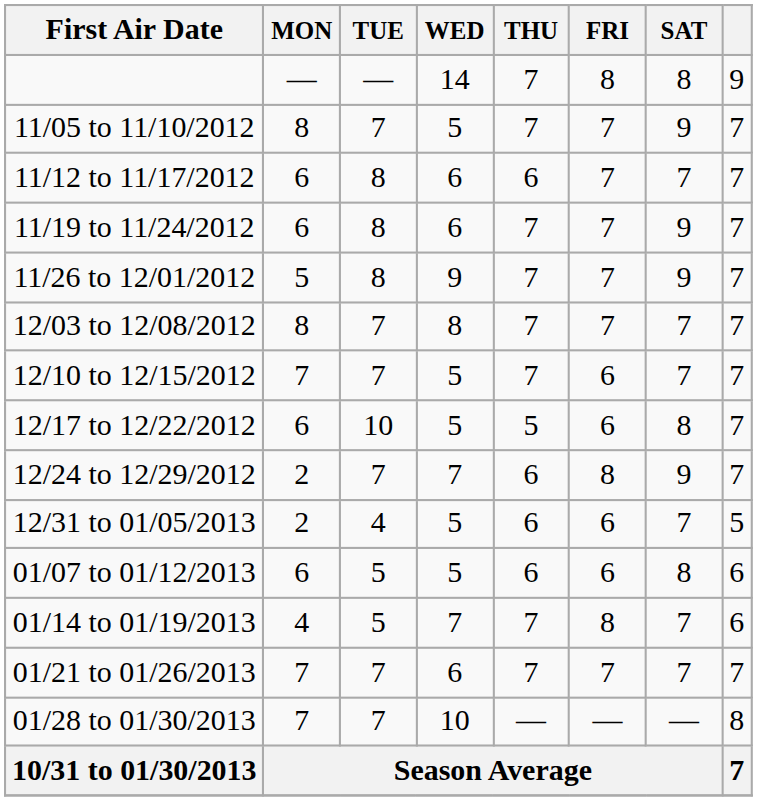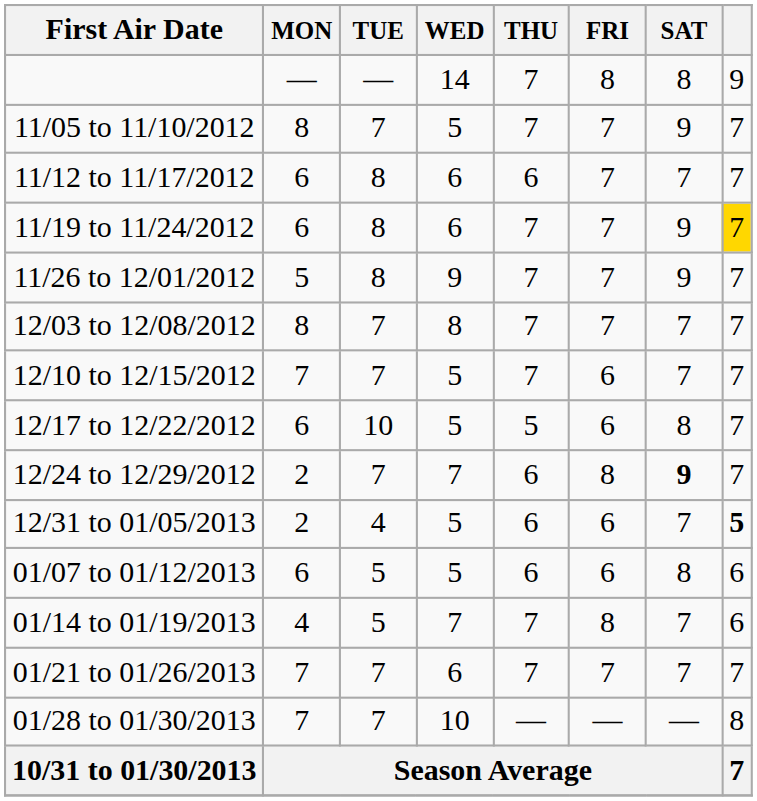 <table class="wikitable" style="font-size:90%; text-align:center;">
 <tr>
 <th>First Air Date</th>
 <th width=30><small>MON</small></th>
 <th width=30><small>TUE</small></th>
 <th width=30><small>WED</small></th>
 <th width=30><small>THU</small></th>
 <th width=30><small>FRI</small></th>
 <th width=30><small>SAT</small></th>
 <th></th>
 </tr>
 <tr>
 <td></td>
 <td>—</td>
 <td>—</td>
 <td>14</td>
 <td>7</td>
 <td>8</td>
 <td>8</td>
 <td>9</td>
 </tr>
 <tr>
 <td>11/05 to 11/10/2012</td>
 <td>8</td>
 <td>7</td>
 <td>5</td>
 <td>7</td>
 <td>7</td>
 <td>9</td>
 <td>7</td>
 </tr>
 <tr>
 <td>11/12 to 11/17/2012</td>
 <td>6</td>
 <td>8</td>
 <td>6</td>
 <td>6</td>
 <td>7</td>
 <td>7</td>
 <td>7</td>
 </tr>
 <tr>
 <td>11/19 to 11/24/2012</td>
 <td>6</td>
 <td>8</td>
 <td>6</td>
 <td>7</td>
 <td>7</td>
 <td>9</td>
-<td>7</td>
+<td style="background: gold;">7</td>
 </tr>
 <tr>
 <td>11/26 to 12/01/2012</td>
 <td>5</td>
 <td>8</td>
 <td>9</td>
 <td>7</td>
 <td>7</td>
 <td>9</td>
 <td>7</td>
 </tr>
 <tr>
 <td>12/03 to 12/08/2012</td>
 <td>8</td>
 <td>7</td>
 <td>8</td>
 <td>7</td>
 <td>7</td>
 <td>7</td>
 <td>7</td>
 </tr>
 <tr>
 <td>12/10 to 12/15/2012</td>
 <td>7</td>
 <td>7</td>
 <td>5</td>
 <td>7</td>
 <td>6</td>
 <td>7</td>
 <td>7</td>
 </tr>
 <tr>
 <td>12/17 to 12/22/2012</td>
 <td>6</td>
 <td>10</td>
 <td>5</td>
 <td>5</td>
 <td>6</td>
 <td>8</td>
 <td>7</td>
 </tr>
 <tr>
 <td>12/24 to 12/29/2012</td>
 <td>2</td>
 <td>7</td>
 <td>7</td>
 <td>6</td>
 <td>8</td>
-<td>9</td>
+<td><strong>9</strong></td>
 <td>7</td>
 </tr>
 <tr>
 <td>12/31 to 01/05/2013</td>
 <td>2</td>
 <td>4</td>
 <td>5</td>
 <td>6</td>
 <td>6</td>
 <td>7</td>
-<td>5</td>
+<td><strong>5</strong></td>
 </tr>
 <tr>
 <td>01/07 to 01/12/2013</td>
 <td>6</td>
 <td>5</td>
 <td>5</td>
 <td>6</td>
 <td>6</td>
 <td>8</td>
 <td>6</td>
 </tr>
 <tr>
 <td>01/14 to 01/19/2013</td>
 <td>4</td>
 <td>5</td>
 <td>7</td>
 <td>7</td>
 <td>8</td>
 <td>7</td>
 <td>6</td>
 </tr>
 <tr>
 <td>01/21 to 01/26/2013</td>
 <td>7</td>
 <td>7</td>
 <td>6</td>
 <td>7</td>
 <td>7</td>
 <td>7</td>
 <td>7</td>
 </tr>
 <tr>
 <td>01/28 to 01/30/2013</td>
 <td>7</td>
 <td>7</td>
 <td>10</td>
 <td>—</td>
 <td>—</td>
 <td>—</td>
 <td>8</td>
 </tr>
 <tr>
 <th>10/31 to 01/30/2013</th>
 <th colspan=6>Season Average</th>
 <th>7</th>
 </tr>
 <tr>
 </tr>
 </table>
